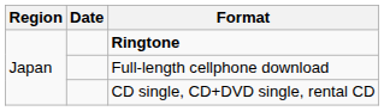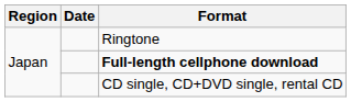 <table class="wikitable">
 <tr>
 <th>Region</th>
 <th>Date</th>
 <th>Format</th>
 </tr>
 <tr>
 <td rowspan="3">Japan</td>
 <td></td>
-<td><strong>Ringtone</strong></td>
+<td>Ringtone</td>
 </tr>
 <tr>
 <td></td>
-<td>Full-length cellphone download</td>
+<td><strong>Full-length cellphone download</strong></td>
 </tr>
 <tr>
 <td></td>
 <td>CD single, CD+DVD single, rental CD</td>
 </tr>
 </table>
